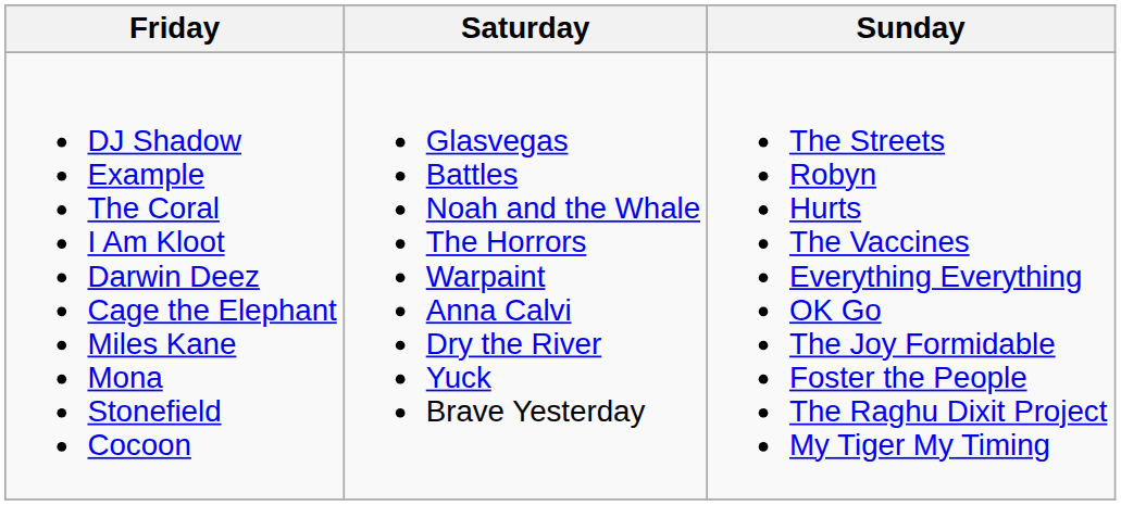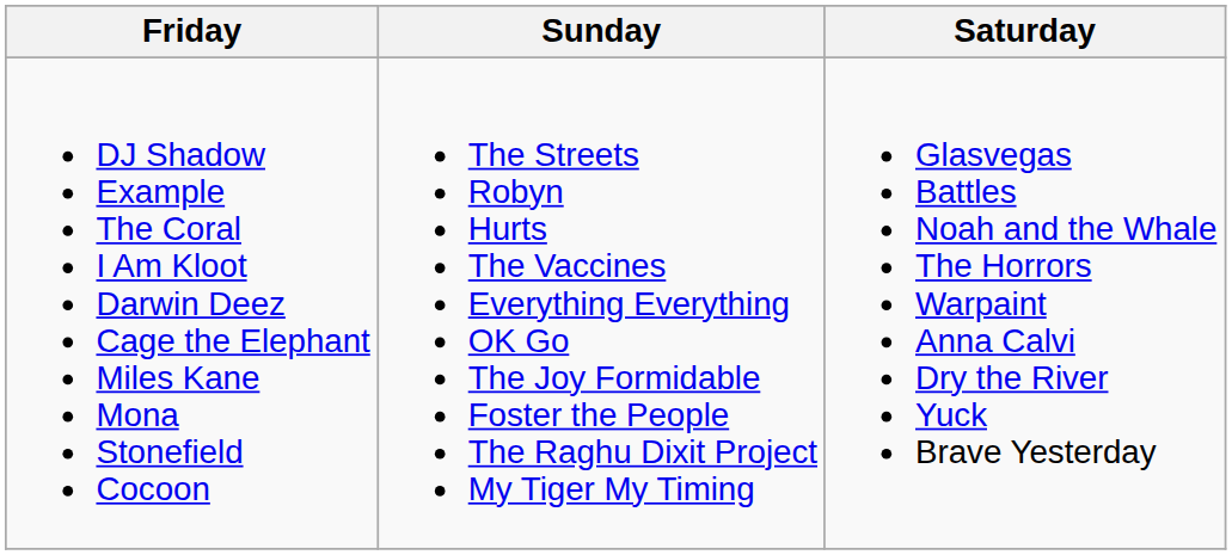 <table class="wikitable">
 <tr>
 <th>Friday</th>
+<th>Sunday</th>
 <th>Saturday</th>
-<th>Sunday</th>
 </tr>
 <tr valign="top">
 <td><br><ul><li><a href='#'>DJ Shadow</a></li><li><a href='#'>Example</a></li><li><a href='#'>The Coral</a></li><li><a href='#'>I Am Kloot</a></li><li><a href='#'>Darwin Deez</a></li><li><a href='#'>Cage the Elephant</a></li><li><a href='#'>Miles Kane</a></li><li><a href='#'>Mona</a></li><li><a href='#'>Stonefield</a></li><li><a href='#'>Cocoon</a></li></ul></td>
+<td><br><ul><li><a href='#'>The Streets</a></li><li><a href='#'>Robyn</a></li><li><a href='#'>Hurts</a></li><li><a href='#'>The Vaccines</a></li><li><a href='#'>Everything Everything</a></li><li><a href='#'>OK Go</a></li><li><a href='#'>The Joy Formidable</a></li><li><a href='#'>Foster the People</a></li><li><a href='#'>The Raghu Dixit Project</a></li><li><a href='#'>My Tiger My Timing</a></li></ul></td>
 <td><br><ul><li><a href='#'>Glasvegas</a></li><li><a href='#'>Battles</a></li><li><a href='#'>Noah and the Whale</a></li><li><a href='#'>The Horrors</a></li><li><a href='#'>Warpaint</a></li><li><a href='#'>Anna Calvi</a></li><li><a href='#'>Dry the River</a></li><li><a href='#'>Yuck</a></li><li>Brave Yesterday</li></ul></td>
-<td><br><ul><li><a href='#'>The Streets</a></li><li><a href='#'>Robyn</a></li><li><a href='#'>Hurts</a></li><li><a href='#'>The Vaccines</a></li><li><a href='#'>Everything Everything</a></li><li><a href='#'>OK Go</a></li><li><a href='#'>The Joy Formidable</a></li><li><a href='#'>Foster the People</a></li><li><a href='#'>The Raghu Dixit Project</a></li><li><a href='#'>My Tiger My Timing</a></li></ul></td>
 </tr>
 </table>
